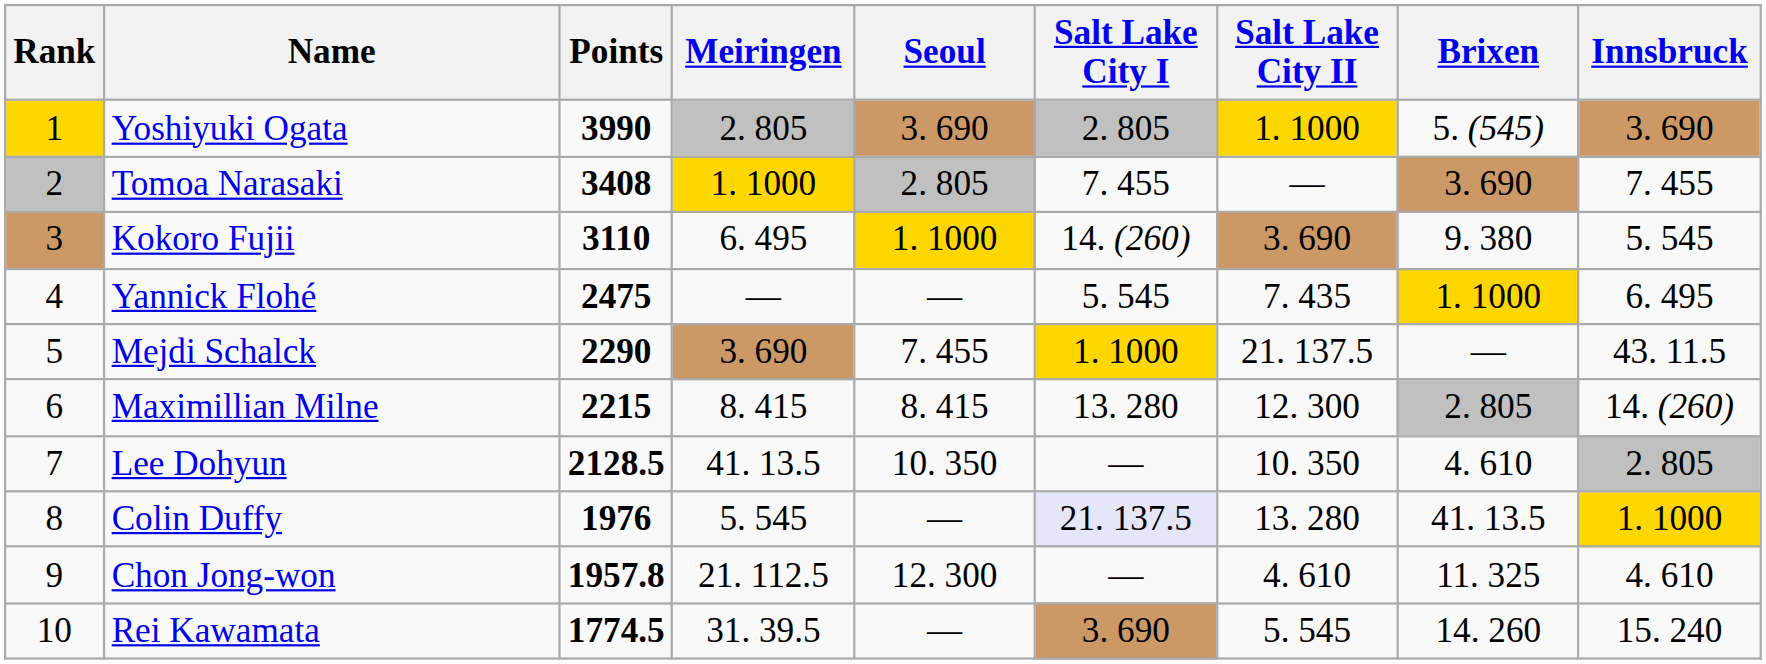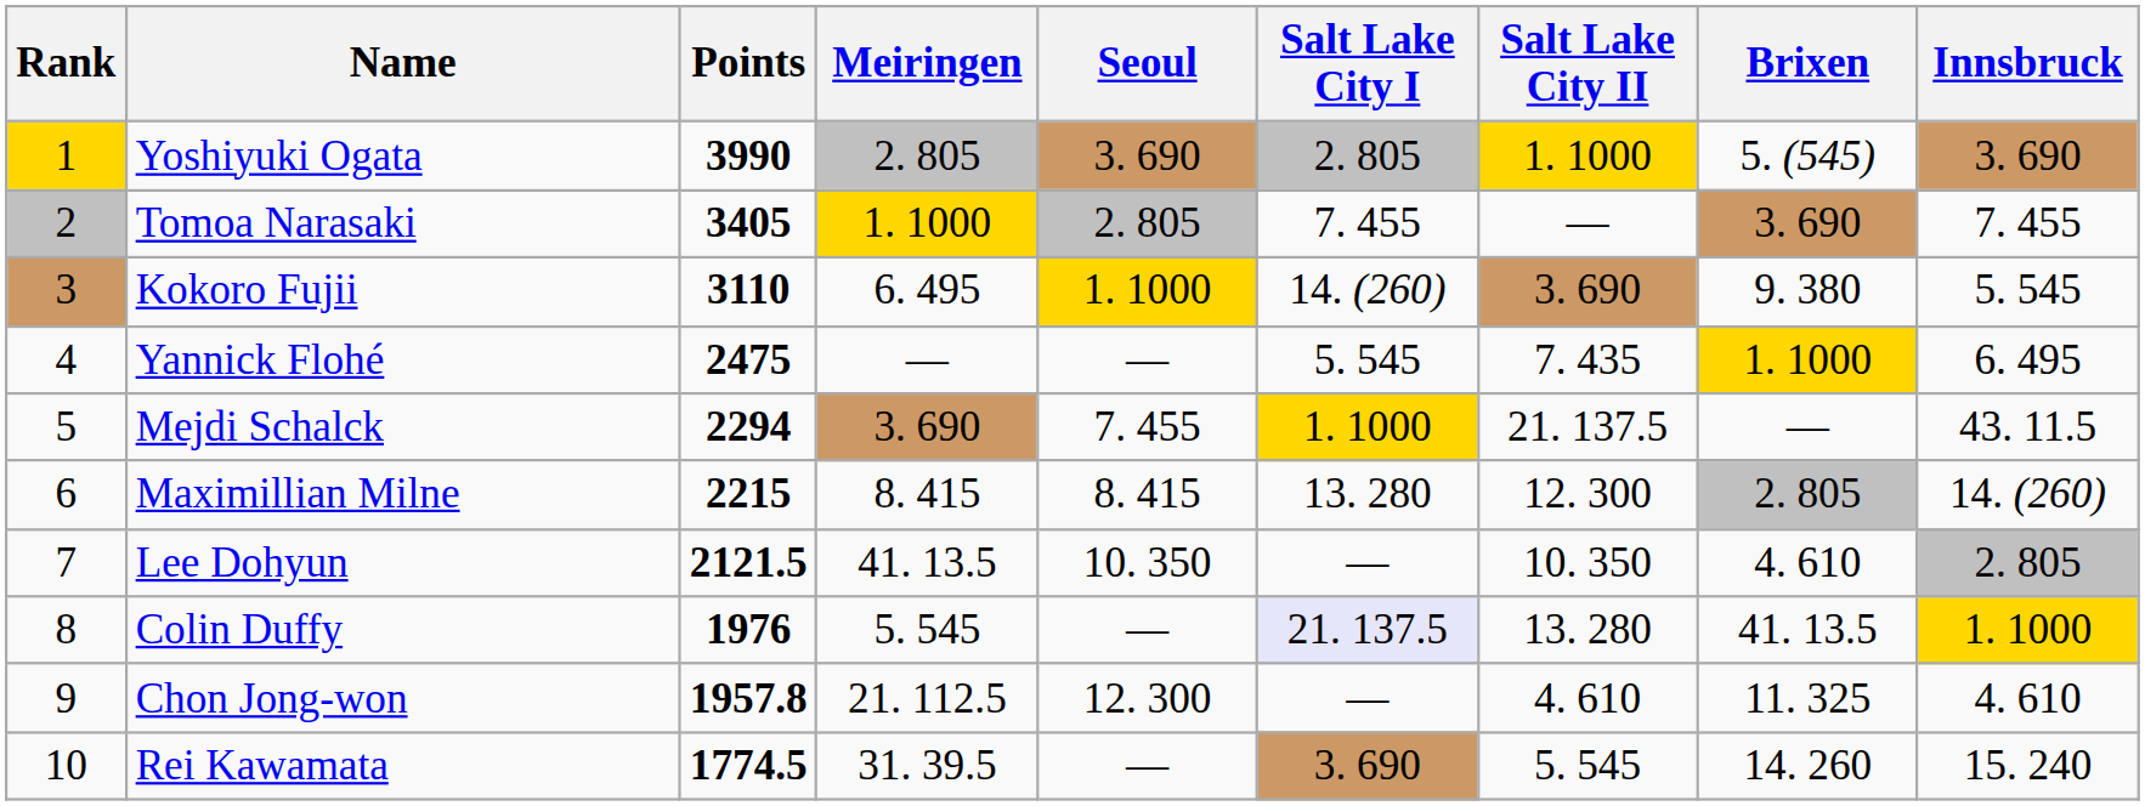 <table class="wikitable sortable">
 <tr>
 <th>Rank</th>
 <th width = "200">Name</th>
 <th>Points</th>
 <th width = "75" data-sort-type="number"><a href='#'>Meiringen</a></th>
 <th width = "75" data-sort-type="number"><a href='#'>Seoul</a></th>
 <th width = "75" data-sort-type="number"><a href='#'>Salt Lake City I</a></th>
 <th width = "75" data-sort-type="number"><a href='#'>Salt Lake City II</a></th>
 <th width = "75" data-sort-type="number"><a href='#'>Brixen</a></th>
 <th width = "75" data-sort-type="number"><a href='#'>Innsbruck</a></th>
 </tr>
 <tr>
 <td align="center" style="background: gold">1</td>
 <td> <a href='#'>Yoshiyuki Ogata</a></td>
 <td align="center"><strong>3990</strong></td>
 <td align="center" style="background: silver">2. 805</td>
 <td align="center" style="background: #cc9966">3. 690</td>
 <td align="center" style="background: silver">2. 805</td>
 <td align="center" style="background: gold">1. 1000</td>
 <td align="center">5. <em>(545)</em></td>
 <td align="center" style="background: #cc9966">3. 690</td>
 </tr>
 <tr>
 <td align="center" style="background: silver">2</td>
 <td> <a href='#'>Tomoa Narasaki</a></td>
-<td align="center"><strong>3408</strong></td>
+<td align="center"><strong>3405</strong></td>
 <td align="center" style="background: gold">1. 1000</td>
 <td align="center" style="background: silver">2. 805</td>
 <td align="center">7. 455</td>
 <td align="center">—</td>
 <td align="center" style="background: #cc9966">3. 690</td>
 <td align="center">7. 455</td>
 </tr>
 <tr>
 <td align="center" style="background: #cc9966">3</td>
 <td> <a href='#'>Kokoro Fujii</a></td>
 <td align="center"><strong>3110</strong></td>
 <td align="center">6. 495</td>
 <td align="center" style="background: gold">1. 1000</td>
 <td align="center">14. <em>(260)</em></td>
 <td align="center" style="background: #cc9966">3. 690</td>
 <td align="center">9. 380</td>
 <td align="center">5. 545</td>
 </tr>
 <tr>
 <td align="center">4</td>
 <td> <a href='#'>Yannick Flohé</a></td>
 <td align="center"><strong>2475</strong></td>
 <td align="center">—</td>
 <td align="center">—</td>
 <td align="center">5. 545</td>
 <td align="center">7. 435</td>
 <td align="center" style="background: gold">1. 1000</td>
 <td align="center">6. 495</td>
 </tr>
 <tr>
 <td align="center">5</td>
 <td> <a href='#'>Mejdi Schalck</a></td>
-<td align="center"><strong>2290</strong></td>
+<td align="center"><strong>2294</strong></td>
 <td align="center" style="background: #cc9966">3. 690</td>
 <td align="center">7. 455</td>
 <td align="center" style="background: gold">1. 1000</td>
 <td align="center">21. 137.5</td>
 <td align="center">—</td>
 <td align="center">43. 11.5</td>
 </tr>
 <tr>
 <td align="center">6</td>
 <td> <a href='#'>Maximillian Milne</a></td>
 <td align="center"><strong>2215</strong></td>
 <td align="center">8. 415</td>
 <td align="center">8. 415</td>
 <td align="center">13. 280</td>
 <td align="center">12. 300</td>
 <td align="center" style="background: silver">2. 805</td>
 <td align="center">14. <em>(260)</em></td>
 </tr>
 <tr>
 <td align="center">7</td>
 <td> <a href='#'>Lee Dohyun</a></td>
-<td align="center"><strong>2128.5</strong></td>
+<td align="center"><strong>2121.5</strong></td>
 <td align="center">41. 13.5</td>
 <td align="center">10. 350</td>
 <td align="center">—</td>
 <td align="center">10. 350</td>
 <td align="center">4. 610</td>
 <td align="center" style="background: silver">2. 805</td>
 </tr>
 <tr>
 <td align="center">8</td>
 <td> <a href='#'>Colin Duffy</a></td>
 <td align="center"><strong>1976</strong></td>
 <td align="center">5. 545</td>
 <td align="center">—</td>
 <td align="center" style="background: lavender;">21. 137.5</td>
 <td align="center">13. 280</td>
 <td align="center">41. 13.5</td>
 <td align="center" style="background: gold">1. 1000</td>
 </tr>
 <tr>
 <td align="center">9</td>
 <td> <a href='#'>Chon Jong-won</a></td>
 <td align="center"><strong>1957.8</strong></td>
 <td align="center">21. 112.5</td>
 <td align="center">12. 300</td>
 <td align="center">—</td>
 <td align="center">4. 610</td>
 <td align="center">11. 325</td>
 <td align="center">4. 610</td>
 </tr>
 <tr>
 <td align="center">10</td>
 <td> <a href='#'>Rei Kawamata</a></td>
 <td align="center"><strong>1774.5</strong></td>
 <td align="center">31. 39.5</td>
 <td align="center">—</td>
 <td align="center" style="background: #cc9966">3. 690</td>
 <td align="center">5. 545</td>
 <td align="center">14. 260</td>
 <td align="center">15. 240</td>
 </tr>
 </table>
